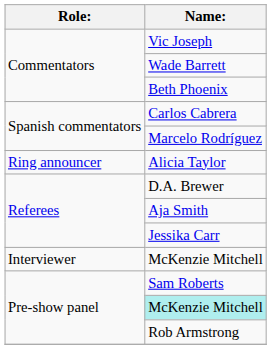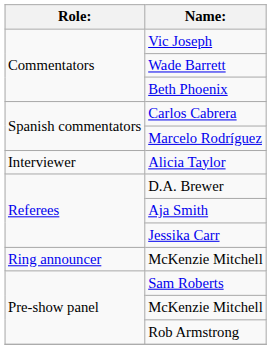 <table class=wikitable style="font-size:90%; margin: 0.5em 0 0.5em 1em; float: right; clear: right;">
 <tr>
 <th>Role:</th>
 <th>Name:</th>
 </tr>
 <tr>
 <td rowspan=3>Commentators</td>
 <td><a href='#'>Vic Joseph</a></td>
 </tr>
 <tr>
 <td><a href='#'>Wade Barrett</a></td>
 </tr>
 <tr>
 <td><a href='#'>Beth Phoenix</a></td>
 </tr>
 <tr>
 <td rowspan=2>Spanish commentators</td>
 <td><a href='#'>Carlos Cabrera</a></td>
 </tr>
 <tr>
 <td><a href='#'>Marcelo Rodríguez</a></td>
 </tr>
 <tr>
-<td rowspan=1><a href='#'>Ring announcer</a></td>
+<td>Interviewer</td>
 <td><a href='#'>Alicia Taylor</a></td>
 </tr>
 <tr>
 <td rowspan=3><a href='#'>Referees</a></td>
 <td>D.A. Brewer</td>
 </tr>
 <tr>
 <td><a href='#'>Aja Smith</a></td>
 </tr>
 <tr>
 <td><a href='#'>Jessika Carr</a></td>
 </tr>
 <tr>
-<td>Interviewer</td>
+<td rowspan=1><a href='#'>Ring announcer</a></td>
 <td>McKenzie Mitchell</td>
 </tr>
 <tr>
 <td rowspan=3>Pre-show panel</td>
 <td><a href='#'>Sam Roberts</a></td>
 </tr>
 <tr>
-<td style="background: paleturquoise;">McKenzie Mitchell</td>
+<td>McKenzie Mitchell</td>
 </tr>
 <tr>
 <td>Rob Armstrong</td>
 </tr>
 <tr>
 </tr>
 </table>
